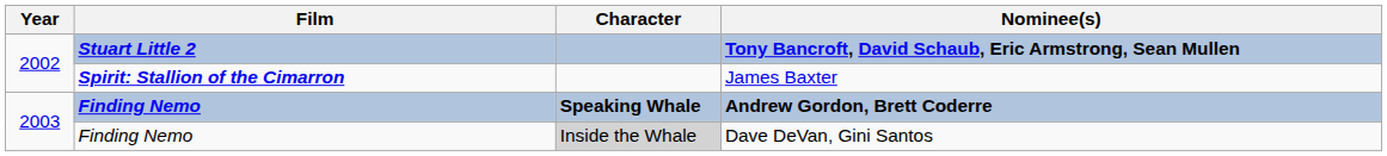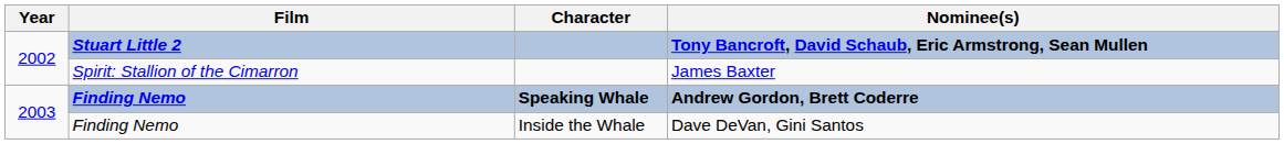 <table class="wikitable" width="95%" cellpadding="5">
 <tr>
 <th width="5%">Year</th>
 <th width="35%">Film</th>
 <th width="12%">Character</th>
 <th width="50%">Nominee(s)</th>
 </tr>
 <tr>
 <td rowspan="2" style="text-align:center;"><a href='#'>2002</a><br></td>
 <td style="background:#B0C4DE;"><strong><em><a href='#'>Stuart Little 2</a></em></strong></td>
 <td style="background:#B0C4DE;"></td>
 <td style="background:#B0C4DE;"><strong><a href='#'>Tony Bancroft</a>, <a href='#'>David Schaub</a>, Eric Armstrong, Sean Mullen</strong></td>
 </tr>
 <tr>
-<td><strong><em><a href='#'>Spirit: Stallion of the Cimarron </a></em></strong></td>
+<td><em><a href='#'>Spirit: Stallion of the Cimarron </a></em></td>
 <td></td>
 <td><a href='#'>James Baxter</a></td>
 </tr>
 <tr>
 <td rowspan="2" style="text-align:center;"><a href='#'>2003</a></td>
 <td style="background:#B0C4DE;"><strong><em><a href='#'>Finding Nemo</a></em></strong></td>
 <td style="background:#B0C4DE;"><strong>Speaking Whale</strong></td>
 <td style="background:#B0C4DE;"><strong>Andrew Gordon, Brett Coderre</strong></td>
 </tr>
 <tr>
 <td><em>Finding Nemo</em></td>
-<td style="background: lightgrey;">Inside the Whale</td>
+<td>Inside the Whale</td>
 <td>Dave DeVan, Gini Santos</td>
 </tr>
 </table>
